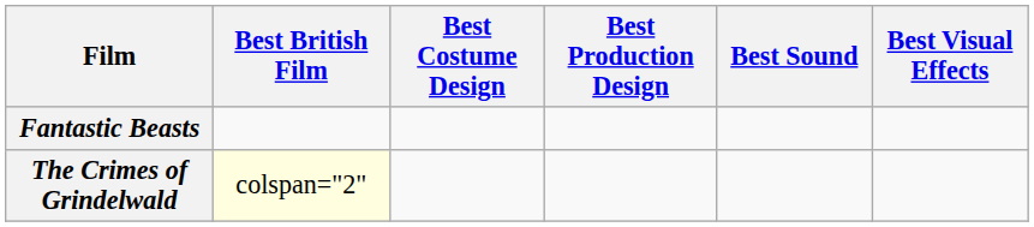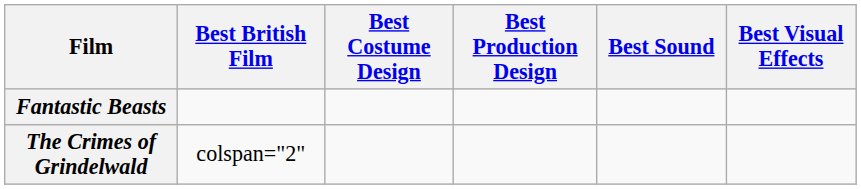 <table class="wikitable" style="text-align:center" width=99%>
 <tr>
 <th align="center" width="16%">Film</th>
 <th align="center" width="12%"><a href='#'>Best British Film</a></th>
 <th align="center" width="12%"><a href='#'>Best Costume Design</a></th>
 <th align="center" width="12%"><a href='#'>Best Production Design</a></th>
 <th align="center" width="12%"><a href='#'>Best Sound</a></th>
 <th align="center" width="12%"><a href='#'>Best Visual Effects</a></th>
 </tr>
 <tr>
 <th scope="row"><em>Fantastic Beasts</em></th>
 <td></td>
 <td></td>
 <td></td>
 <td></td>
 <td></td>
 </tr>
 <tr>
 <th scope="row"><em>The Crimes of Grindelwald</em></th>
-<td style="background: lightyellow;">colspan="2" </td>
+<td>colspan="2" </td>
 <td></td>
 <td></td>
 <td></td>
 </tr>
 </table>
